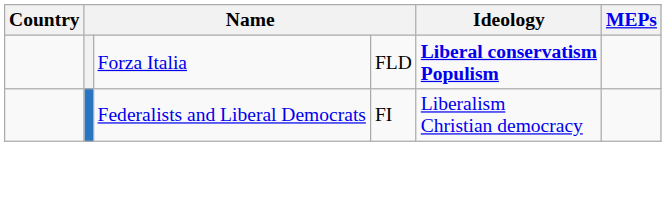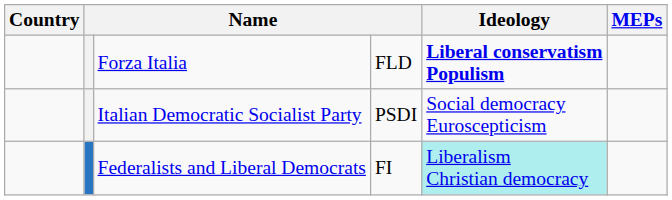 <table class="wikitable">
 <tr>
 <th>Country</th>
 <th colspan="3">Name</th>
 <th>Ideology</th>
 <th><a href='#'>MEPs</a></th>
 </tr>
 <tr>
 <td></td>
 <th style="background:"></th>
 <td><a href='#'>Forza Italia</a></td>
 <td>FLD</td>
 <td><strong><a href='#'>Liberal conservatism</a><br><a href='#'>Populism</a></strong></td>
 <td></td>
 </tr>
 <tr>
 <td></td>
+<th style="background:"></th>
+<td><a href='#'>Italian Democratic Socialist Party</a></td>
+<td>PSDI</td>
+<td><a href='#'>Social democracy</a><br><a href='#'>Euroscepticism</a></td>
+<td></td>
+</tr>
+<tr>
+<td></td>
 <th style="background:#2975C2"></th>
 <td><a href='#'>Federalists and Liberal Democrats</a></td>
 <td>FI</td>
-<td><a href='#'>Liberalism</a><br><a href='#'>Christian democracy</a></td>
+<td style="background: paleturquoise;"><a href='#'>Liberalism</a><br><a href='#'>Christian democracy</a></td>
 <td></td>
 </tr>
 </table>
